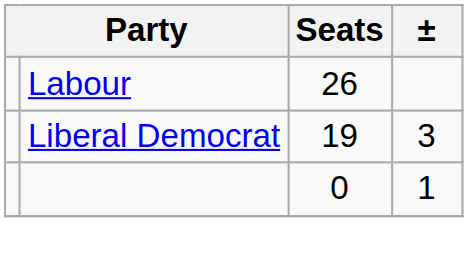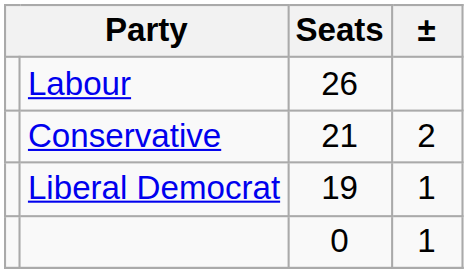 <table class="sortable wikitable">
 <tr>
 <th colspan="2">Party</th>
 <th>Seats</th>
 <th>  ±  </th>
 </tr>
 <tr>
 <td style="background-color: "></td>
 <td><a href='#'>Labour</a></td>
 <td align="center">26</td>
 <td align="center"></td>
 </tr>
 <tr>
 <td style="background-color: "></td>
+<td><a href='#'>Conservative</a></td>
+<td align="center">21</td>
+<td align="center">2</td>
+</tr>
+<tr>
+<td style="background-color: "></td>
 <td><a href='#'>Liberal Democrat</a></td>
 <td align="center">19</td>
-<td align="center">3</td>
+<td align="center">1</td>
 </tr>
 <tr>
 <td style="background-color: "></td>
 <td><a href='#'></a></td>
 <td align="center">0</td>
 <td align="center">1</td>
 </tr>
 <tr>
 </tr>
 </table>
